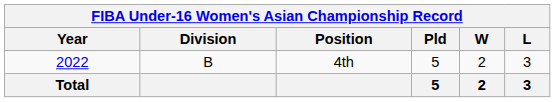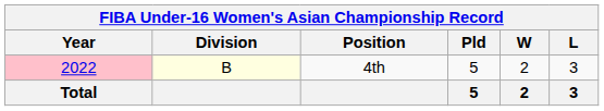 <table class="wikitable" style="text-align: center; font-size:95%;" width=45%>
 <tr>
 <th colspan=9><a href='#'>FIBA Under-16 Women's Asian Championship Record</a></th>
 </tr>
 <tr>
 <th width=15%>Year</th>
 <th width=15%>Division</th>
 <th width=15%>Position</th>
 <th width=5%>Pld</th>
 <th width=5%>W</th>
 <th width=5%>L</th>
 </tr>
 <tr>
-<td> <a href='#'>2022</a></td>
-<td>B</td>
+<td style="background: pink;"> <a href='#'>2022</a></td>
+<td style="background: lightyellow;">B</td>
 <td>4th</td>
 <td>5</td>
 <td>2</td>
 <td>3</td>
 </tr>
 <tr>
 <th>Total</th>
 <th></th>
 <th></th>
 <th>5</th>
 <th>2</th>
 <th>3</th>
 </tr>
 </table>
